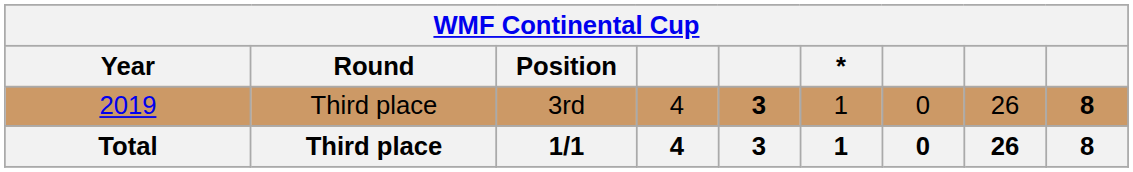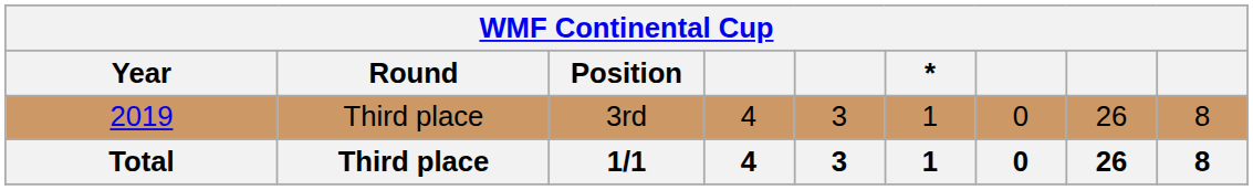 <table class="wikitable" width="50%" style="font-size:90%; text-align:center;">
 <tr>
 <th colspan="9"><a href='#'>WMF Continental Cup</a></th>
 </tr>
 <tr>
 <th width="15%">Year</th>
 <th width="15%">Round</th>
 <th width="5%">Position</th>
 <th width="5%"></th>
 <th width="5%"></th>
 <th width="5%">*</th>
 <th width="5%"></th>
 <th width="5%"></th>
 <th width="5%"></th>
 </tr>
 <tr bgcolor=#cc9966>
 <td> <a href='#'>2019</a></td>
 <td>Third place</td>
 <td>3rd</td>
 <td>4</td>
-<td><strong>3</strong></td>
+<td>3</td>
 <td>1</td>
 <td>0</td>
 <td>26</td>
-<td><strong>8</strong></td>
+<td>8</td>
 </tr>
 <tr>
 <th>Total</th>
 <th>Third place</th>
 <th>1/1</th>
 <th>4</th>
 <th>3</th>
 <th>1</th>
 <th>0</th>
 <th>26</th>
 <th>8</th>
 </tr>
 </table>
